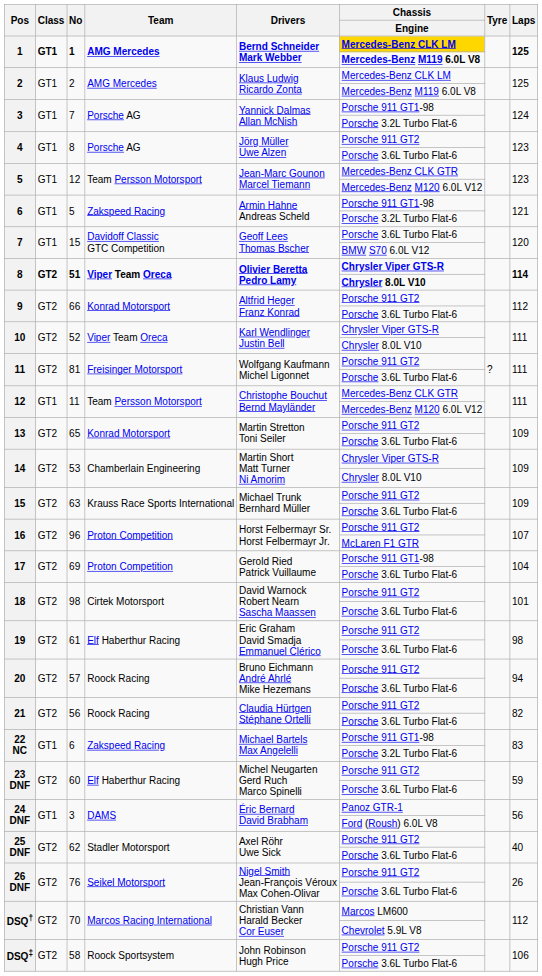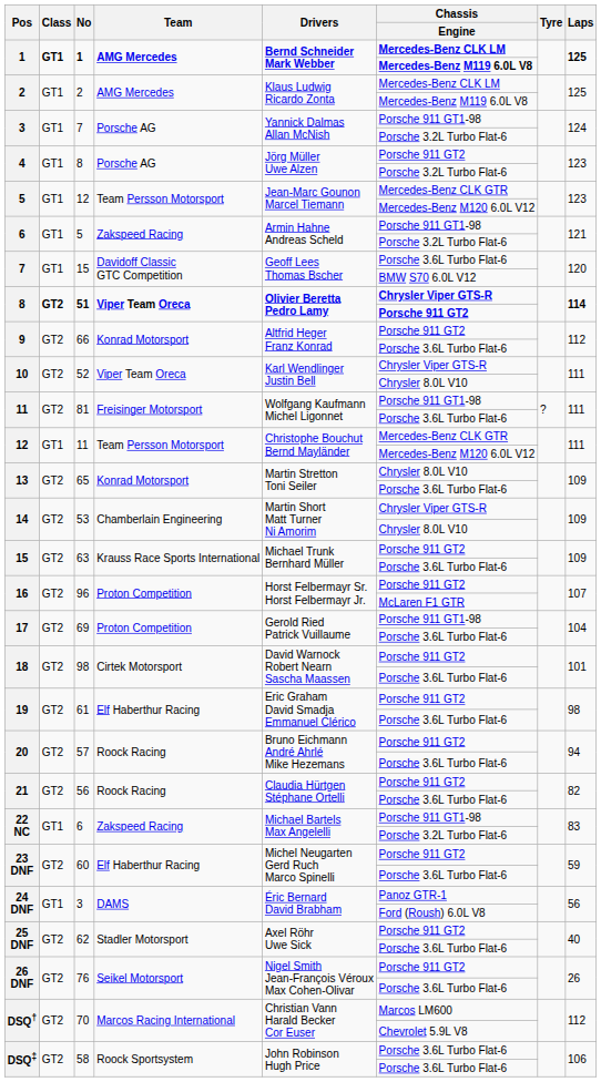 <table class="wikitable" style="font-size: 95%;">
 <tr>
 <th rowspan=2>Pos</th>
 <th rowspan=2>Class</th>
 <th rowspan=2>No</th>
 <th rowspan=2>Team</th>
 <th rowspan=2>Drivers</th>
 <th>Chassis</th>
 <th rowspan=2>Tyre</th>
 <th rowspan=2>Laps</th>
 </tr>
 <tr>
 <th>Engine</th>
 </tr>
 <tr style="font-weight:bold">
 <th rowspan=2>1</th>
 <td rowspan=2>GT1</td>
 <td rowspan=2>1</td>
 <td rowspan=2> <a href='#'>AMG Mercedes</a></td>
 <td rowspan=2> <a href='#'>Bernd Schneider</a><br> <a href='#'>Mark Webber</a></td>
-<td style="background: gold;"><a href='#'>Mercedes-Benz CLK LM</a></td>
+<td><a href='#'>Mercedes-Benz CLK LM</a></td>
 <td rowspan=2></td>
 <td rowspan=2>125</td>
 </tr>
 <tr style="font-weight:bold">
 <td><a href='#'>Mercedes-Benz</a> <a href='#'>M119</a> 6.0L V8</td>
 </tr>
 <tr>
 <th rowspan=2>2</th>
 <td rowspan=2>GT1</td>
 <td rowspan=2>2</td>
 <td rowspan=2> <a href='#'>AMG Mercedes</a></td>
 <td rowspan=2> <a href='#'>Klaus Ludwig</a><br> <a href='#'>Ricardo Zonta</a></td>
 <td><a href='#'>Mercedes-Benz CLK LM</a></td>
 <td rowspan=2></td>
 <td rowspan=2>125</td>
 </tr>
 <tr>
 <td><a href='#'>Mercedes-Benz</a> <a href='#'>M119</a> 6.0L V8</td>
 </tr>
 <tr>
 <th rowspan=2>3</th>
 <td rowspan=2>GT1</td>
 <td rowspan=2>7</td>
 <td rowspan=2> <a href='#'>Porsche</a> AG</td>
 <td rowspan=2> <a href='#'>Yannick Dalmas</a><br> <a href='#'>Allan McNish</a></td>
 <td><a href='#'>Porsche 911 GT1</a>-98</td>
 <td rowspan=2></td>
 <td rowspan=2>124</td>
 </tr>
 <tr>
 <td><a href='#'>Porsche</a> 3.2L Turbo Flat-6</td>
 </tr>
 <tr>
 <th rowspan=2>4</th>
 <td rowspan=2>GT1</td>
 <td rowspan=2>8</td>
 <td rowspan=2> <a href='#'>Porsche</a> AG</td>
 <td rowspan=2> <a href='#'>Jörg Müller</a><br> <a href='#'>Uwe Alzen</a></td>
 <td><a href='#'>Porsche 911 GT2</a></td>
 <td rowspan=2></td>
 <td rowspan=2>123</td>
 </tr>
 <tr>
-<td><a href='#'>Porsche</a> 3.6L Turbo Flat-6</td>
+<td><a href='#'>Porsche</a> 3.2L Turbo Flat-6</td>
 </tr>
 <tr>
 <th rowspan=2>5</th>
 <td rowspan=2>GT1</td>
 <td rowspan=2>12</td>
 <td rowspan=2> Team <a href='#'>Persson Motorsport</a></td>
 <td rowspan=2> <a href='#'>Jean-Marc Gounon</a><br> <a href='#'>Marcel Tiemann</a></td>
 <td><a href='#'>Mercedes-Benz CLK GTR</a></td>
 <td rowspan=2></td>
 <td rowspan=2>123</td>
 </tr>
 <tr>
 <td><a href='#'>Mercedes-Benz</a> <a href='#'>M120</a> 6.0L V12</td>
 </tr>
 <tr>
 <th rowspan=2>6</th>
 <td rowspan=2>GT1</td>
 <td rowspan=2>5</td>
 <td rowspan=2> <a href='#'>Zakspeed Racing</a></td>
 <td rowspan=2> <a href='#'>Armin Hahne</a><br> Andreas Scheld</td>
 <td><a href='#'>Porsche 911 GT1</a>-98</td>
 <td rowspan=2></td>
 <td rowspan=2>121</td>
 </tr>
 <tr>
 <td><a href='#'>Porsche</a> 3.2L Turbo Flat-6</td>
 </tr>
 <tr>
 <th rowspan=2>7</th>
 <td rowspan=2>GT1</td>
 <td rowspan=2>15</td>
 <td rowspan=2> <a href='#'>Davidoff Classic</a><br> GTC Competition</td>
 <td rowspan=2> <a href='#'>Geoff Lees</a><br> <a href='#'>Thomas Bscher</a></td>
 <td><a href='#'>Porsche</a> 3.6L Turbo Flat-6</td>
 <td rowspan=2></td>
 <td rowspan=2>120</td>
 </tr>
 <tr>
 <td><a href='#'>BMW</a> <a href='#'>S70</a> 6.0L V12</td>
 </tr>
 <tr style="font-weight:bold">
 <th rowspan=2>8</th>
 <td rowspan=2>GT2</td>
 <td rowspan=2>51</td>
 <td rowspan=2> <a href='#'>Viper</a> Team <a href='#'>Oreca</a></td>
 <td rowspan=2> <a href='#'>Olivier Beretta</a><br> <a href='#'>Pedro Lamy</a></td>
 <td><a href='#'>Chrysler Viper GTS-R</a></td>
 <td rowspan=2></td>
 <td rowspan=2>114</td>
 </tr>
 <tr style="font-weight:bold">
-<td><a href='#'>Chrysler</a> 8.0L V10</td>
+<td><a href='#'>Porsche 911 GT2</a></td>
 </tr>
 <tr>
 <th rowspan=2>9</th>
 <td rowspan=2>GT2</td>
 <td rowspan=2>66</td>
 <td rowspan=2> <a href='#'>Konrad Motorsport</a></td>
 <td rowspan=2> <a href='#'>Altfrid Heger</a><br> <a href='#'>Franz Konrad</a></td>
 <td><a href='#'>Porsche 911 GT2</a></td>
 <td rowspan=2></td>
 <td rowspan=2>112</td>
 </tr>
 <tr>
 <td><a href='#'>Porsche</a> 3.6L Turbo Flat-6</td>
 </tr>
 <tr>
 <th rowspan=2>10</th>
 <td rowspan=2>GT2</td>
 <td rowspan=2>52</td>
 <td rowspan=2> <a href='#'>Viper</a> Team <a href='#'>Oreca</a></td>
 <td rowspan=2> <a href='#'>Karl Wendlinger</a><br> <a href='#'>Justin Bell</a></td>
 <td><a href='#'>Chrysler Viper GTS-R</a></td>
 <td rowspan=2></td>
 <td rowspan=2>111</td>
 </tr>
 <tr>
 <td><a href='#'>Chrysler</a> 8.0L V10</td>
 </tr>
 <tr>
 <th rowspan=2>11</th>
 <td rowspan=2>GT2</td>
 <td rowspan=2>81</td>
 <td rowspan=2> <a href='#'>Freisinger Motorsport</a></td>
 <td rowspan=2> Wolfgang Kaufmann<br> Michel Ligonnet</td>
-<td><a href='#'>Porsche 911 GT2</a></td>
+<td><a href='#'>Porsche 911 GT1</a>-98</td>
 <td rowspan=2>?</td>
 <td rowspan=2>111</td>
 </tr>
 <tr>
 <td><a href='#'>Porsche</a> 3.6L Turbo Flat-6</td>
 </tr>
 <tr>
 <th rowspan=2>12</th>
 <td rowspan=2>GT1</td>
 <td rowspan=2>11</td>
 <td rowspan=2> Team <a href='#'>Persson Motorsport</a></td>
 <td rowspan=2> <a href='#'>Christophe Bouchut</a><br> <a href='#'>Bernd Mayländer</a></td>
 <td><a href='#'>Mercedes-Benz CLK GTR</a></td>
 <td rowspan=2></td>
 <td rowspan=2>111</td>
 </tr>
 <tr>
 <td><a href='#'>Mercedes-Benz</a> <a href='#'>M120</a> 6.0L V12</td>
 </tr>
 <tr>
 <th rowspan=2>13</th>
 <td rowspan=2>GT2</td>
 <td rowspan=2>65</td>
 <td rowspan=2> <a href='#'>Konrad Motorsport</a></td>
 <td rowspan=2> Martin Stretton<br> Toni Seiler</td>
-<td><a href='#'>Porsche 911 GT2</a></td>
+<td><a href='#'>Chrysler</a> 8.0L V10</td>
 <td rowspan=2></td>
 <td rowspan=2>109</td>
 </tr>
 <tr>
 <td><a href='#'>Porsche</a> 3.6L Turbo Flat-6</td>
 </tr>
 <tr>
 <th rowspan=2>14</th>
 <td rowspan=2>GT2</td>
 <td rowspan=2>53</td>
 <td rowspan=2> Chamberlain Engineering</td>
 <td rowspan=2> Martin Short<br> Matt Turner<br> <a href='#'>Ni Amorim</a></td>
 <td><a href='#'>Chrysler Viper GTS-R</a></td>
 <td rowspan=2></td>
 <td rowspan=2>109</td>
 </tr>
 <tr>
 <td><a href='#'>Chrysler</a> 8.0L V10</td>
 </tr>
 <tr>
 <th rowspan=2>15</th>
 <td rowspan=2>GT2</td>
 <td rowspan=2>63</td>
 <td rowspan=2> Krauss Race Sports International</td>
 <td rowspan=2> Michael Trunk<br> Bernhard Müller</td>
 <td><a href='#'>Porsche 911 GT2</a></td>
 <td rowspan=2></td>
 <td rowspan=2>109</td>
 </tr>
 <tr>
 <td><a href='#'>Porsche</a> 3.6L Turbo Flat-6</td>
 </tr>
 <tr>
 <th rowspan=2>16</th>
 <td rowspan=2>GT2</td>
 <td rowspan=2>96</td>
 <td rowspan=2> <a href='#'>Proton Competition</a></td>
 <td rowspan=2> Horst Felbermayr Sr.<br> Horst Felbermayr Jr.</td>
 <td><a href='#'>Porsche 911 GT2</a></td>
 <td rowspan=2></td>
 <td rowspan=2>107</td>
 </tr>
 <tr>
 <td><a href='#'>McLaren F1 GTR</a></td>
 </tr>
 <tr>
 <th rowspan=2>17</th>
 <td rowspan=2>GT2</td>
 <td rowspan=2>69</td>
 <td rowspan=2> <a href='#'>Proton Competition</a></td>
 <td rowspan=2> Gerold Ried<br> Patrick Vuillaume</td>
 <td><a href='#'>Porsche 911 GT1</a>-98</td>
 <td rowspan=2></td>
 <td rowspan=2>104</td>
 </tr>
 <tr>
 <td><a href='#'>Porsche</a> 3.6L Turbo Flat-6</td>
 </tr>
 <tr>
 <th rowspan=2>18</th>
 <td rowspan=2>GT2</td>
 <td rowspan=2>98</td>
 <td rowspan=2> Cirtek Motorsport</td>
 <td rowspan=2> David Warnock<br> Robert Nearn<br> <a href='#'>Sascha Maassen</a></td>
 <td><a href='#'>Porsche 911 GT2</a></td>
 <td rowspan=2></td>
 <td rowspan=2>101</td>
 </tr>
 <tr>
 <td><a href='#'>Porsche</a> 3.6L Turbo Flat-6</td>
 </tr>
 <tr>
 <th rowspan=2>19</th>
 <td rowspan=2>GT2</td>
 <td rowspan=2>61</td>
 <td rowspan=2> <a href='#'>Elf</a> Haberthur Racing</td>
 <td rowspan=2> Eric Graham<br> David Smadja<br> <a href='#'>Emmanuel Clérico</a></td>
 <td><a href='#'>Porsche 911 GT2</a></td>
 <td rowspan=2></td>
 <td rowspan=2>98</td>
 </tr>
 <tr>
 <td><a href='#'>Porsche</a> 3.6L Turbo Flat-6</td>
 </tr>
 <tr>
 <th rowspan=2>20</th>
 <td rowspan=2>GT2</td>
 <td rowspan=2>57</td>
 <td rowspan=2> Roock Racing</td>
 <td rowspan=2> Bruno Eichmann<br> <a href='#'>André Ahrlé</a><br> Mike Hezemans</td>
 <td><a href='#'>Porsche 911 GT2</a></td>
 <td rowspan=2></td>
 <td rowspan=2>94</td>
 </tr>
 <tr>
 <td><a href='#'>Porsche</a> 3.6L Turbo Flat-6</td>
 </tr>
 <tr>
 <th rowspan=2>21</th>
 <td rowspan=2>GT2</td>
 <td rowspan=2>56</td>
 <td rowspan=2> Roock Racing</td>
 <td rowspan=2> <a href='#'>Claudia Hürtgen</a><br> <a href='#'>Stéphane Ortelli</a></td>
 <td><a href='#'>Porsche 911 GT2</a></td>
 <td rowspan=2></td>
 <td rowspan=2>82</td>
 </tr>
 <tr>
 <td><a href='#'>Porsche</a> 3.6L Turbo Flat-6</td>
 </tr>
 <tr>
 <th rowspan=2>22<br>NC</th>
 <td rowspan=2>GT1</td>
 <td rowspan=2>6</td>
 <td rowspan=2> <a href='#'>Zakspeed Racing</a></td>
 <td rowspan=2> <a href='#'>Michael Bartels</a><br> <a href='#'>Max Angelelli</a></td>
 <td><a href='#'>Porsche 911 GT1</a>-98</td>
 <td rowspan=2></td>
 <td rowspan=2>83</td>
 </tr>
 <tr>
 <td><a href='#'>Porsche</a> 3.2L Turbo Flat-6</td>
 </tr>
 <tr>
 <th rowspan=2>23<br>DNF</th>
 <td rowspan=2>GT2</td>
 <td rowspan=2>60</td>
 <td rowspan=2> <a href='#'>Elf</a> Haberthur Racing</td>
 <td rowspan=2> Michel Neugarten<br> Gerd Ruch<br> Marco Spinelli</td>
 <td><a href='#'>Porsche 911 GT2</a></td>
 <td rowspan=2></td>
 <td rowspan=2>59</td>
 </tr>
 <tr>
 <td><a href='#'>Porsche</a> 3.6L Turbo Flat-6</td>
 </tr>
 <tr>
 <th rowspan=2>24<br>DNF</th>
 <td rowspan=2>GT1</td>
 <td rowspan=2>3</td>
 <td rowspan=2> <a href='#'>DAMS</a></td>
 <td rowspan=2> <a href='#'>Éric Bernard</a><br> <a href='#'>David Brabham</a></td>
 <td><a href='#'>Panoz GTR-1</a></td>
 <td rowspan=2></td>
 <td rowspan=2>56</td>
 </tr>
 <tr>
 <td><a href='#'>Ford</a> (<a href='#'>Roush</a>) 6.0L V8</td>
 </tr>
 <tr>
 <th rowspan=2>25<br>DNF</th>
 <td rowspan=2>GT2</td>
 <td rowspan=2>62</td>
 <td rowspan=2> Stadler Motorsport</td>
 <td rowspan=2> Axel Röhr<br> Uwe Sick</td>
 <td><a href='#'>Porsche 911 GT2</a></td>
 <td rowspan=2></td>
 <td rowspan=2>40</td>
 </tr>
 <tr>
 <td><a href='#'>Porsche</a> 3.6L Turbo Flat-6</td>
 </tr>
 <tr>
 <th rowspan=2>26<br>DNF</th>
 <td rowspan=2>GT2</td>
 <td rowspan=2>76</td>
 <td rowspan=2> <a href='#'>Seikel Motorsport</a></td>
 <td rowspan=2> <a href='#'>Nigel Smith</a><br> Jean-François Véroux<br> Max Cohen-Olivar</td>
 <td><a href='#'>Porsche 911 GT2</a></td>
 <td rowspan=2></td>
 <td rowspan=2>26</td>
 </tr>
 <tr>
 <td><a href='#'>Porsche</a> 3.6L Turbo Flat-6</td>
 </tr>
 <tr>
 <th rowspan=2>DSQ<sup>†</sup></th>
 <td rowspan=2>GT2</td>
 <td rowspan=2>70</td>
 <td rowspan=2> <a href='#'>Marcos Racing International</a></td>
 <td rowspan=2> Christian Vann<br> Harald Becker<br> <a href='#'>Cor Euser</a></td>
 <td><a href='#'>Marcos</a> LM600</td>
 <td rowspan=2></td>
 <td rowspan=2>112</td>
 </tr>
 <tr>
 <td><a href='#'>Chevrolet</a> 5.9L V8</td>
 </tr>
 <tr>
 <th rowspan=2>DSQ<sup>‡</sup></th>
 <td rowspan=2>GT2</td>
 <td rowspan=2>58</td>
 <td rowspan=2> Roock Sportsystem</td>
 <td rowspan=2> John Robinson<br> Hugh Price</td>
-<td><a href='#'>Porsche 911 GT2</a></td>
+<td><a href='#'>Porsche</a> 3.6L Turbo Flat-6</td>
 <td rowspan=2></td>
 <td rowspan=2>106</td>
 </tr>
 <tr>
 <td><a href='#'>Porsche</a> 3.6L Turbo Flat-6</td>
 </tr>
 </table>
